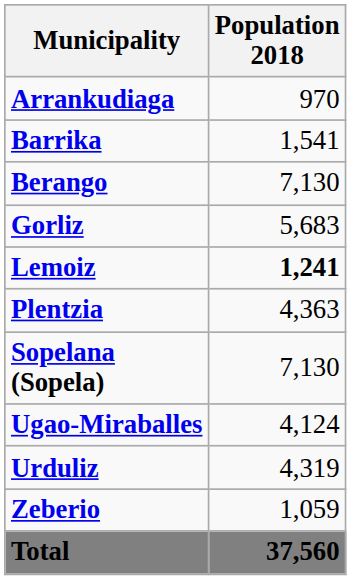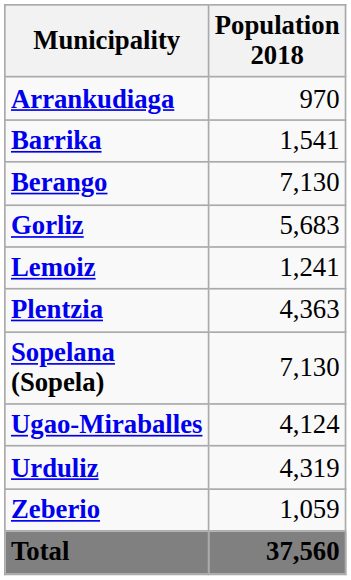 <table class="wikitable">
 <tr>
 <th style="text-align: center;"><strong>Municipality</strong></th>
 <th style="text-align: center;"><strong>Population</strong><br><strong>2018</strong></th>
 </tr>
 <tr>
 <td><strong><a href='#'>Arrankudiaga</a></strong></td>
 <td align="right">970</td>
 </tr>
 <tr>
 <td><strong><a href='#'>Barrika</a></strong></td>
 <td align="right">1,541</td>
 </tr>
 <tr>
 <td><strong><a href='#'>Berango</a></strong></td>
 <td align="right">7,130</td>
 </tr>
 <tr>
 <td><strong><a href='#'>Gorliz</a></strong></td>
 <td align="right">5,683</td>
 </tr>
 <tr>
 <td><strong><a href='#'>Lemoiz</a></strong></td>
-<td align="right"><strong>1,241</strong></td>
+<td align="right">1,241</td>
 </tr>
 <tr>
 <td><strong><a href='#'>Plentzia</a></strong></td>
 <td align="right">4,363</td>
 </tr>
 <tr>
 <td><strong><a href='#'>Sopelana</a><br>(Sopela)</strong></td>
 <td align="right">7,130</td>
 </tr>
 <tr>
 <td><strong><a href='#'>Ugao-Miraballes</a></strong></td>
 <td align="right">4,124</td>
 </tr>
 <tr>
 <td><strong><a href='#'>Urduliz</a></strong></td>
 <td align="right">4,319</td>
 </tr>
 <tr>
 <td><strong><a href='#'>Zeberio</a></strong></td>
 <td align="right">1,059</td>
 </tr>
 <tr bgcolor=gray>
 <td><strong>Total</strong></td>
 <td align="right"><strong>37,560</strong></td>
 </tr>
 <tr bgcolor=gray>
 </tr>
 </table>
